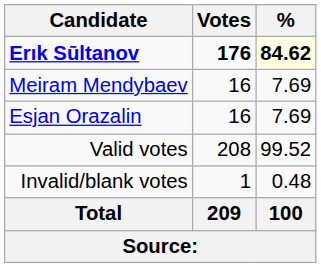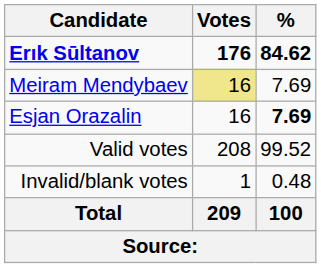 <table class="wikitable" style="text-align:right">
 <tr>
 <th>Candidate</th>
 <th>Votes</th>
 <th>%</th>
 </tr>
 <tr>
 <td align="left"><strong><a href='#'>Erık Sūltanov</a></strong></td>
 <td><strong>176</strong></td>
-<td style="background: lightyellow;"><strong>84.62</strong></td>
+<td><strong>84.62</strong></td>
 </tr>
 <tr>
 <td align="left"><a href='#'>Meiram Mendybaev</a></td>
-<td>16</td>
+<td style="background: khaki;">16</td>
 <td>7.69</td>
 </tr>
 <tr>
 <td align="left"><a href='#'>Esjan Orazalin</a></td>
 <td>16</td>
-<td>7.69</td>
+<td><strong>7.69</strong></td>
 </tr>
 <tr>
 <td>Valid votes</td>
 <td>208</td>
 <td>99.52</td>
 </tr>
 <tr>
 <td>Invalid/blank votes</td>
 <td>1</td>
 <td>0.48</td>
 </tr>
 <tr>
 <th>Total</th>
 <th>209</th>
 <th>100</th>
 </tr>
 <tr>
 <th colspan="3">Source: </th>
 </tr>
 </table>
